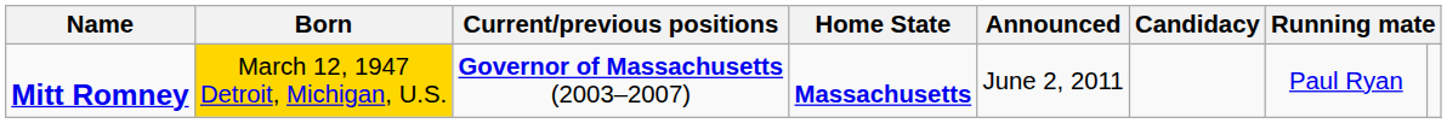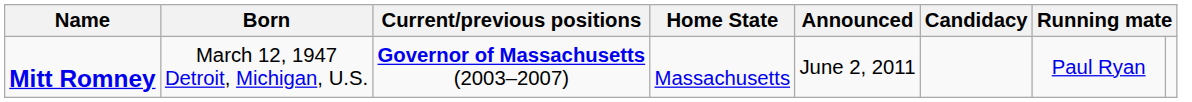 <table class="wikitable sortable" style="text-align:center; style:text-align:center; href:Rick Santorum">
 <tr>
 <th>Name</th>
 <th>Born</th>
 <th>Current/previous positions</th>
 <th>Home State</th>
 <th>Announced</th>
 <th>Candidacy</th>
 <th colspan="2">Running mate</th>
 </tr>
 <tr>
 <td data-sort-value="Trump"><br><big><strong><a href='#'>Mitt Romney</a></strong></big></td>
-<td style="background: gold;">March 12, 1947<br><a href='#'>Detroit</a>, <a href='#'>Michigan</a>, U.S.</td>
+<td>March 12, 1947<br><a href='#'>Detroit</a>, <a href='#'>Michigan</a>, U.S.</td>
 <td data-sort-value="X-CEO"><strong><a href='#'>Governor of Massachusetts</a></strong><br>(2003–2007)</td>
-<td><strong><br><a href='#'>Massachusetts</a></strong></td>
+<td><br><a href='#'>Massachusetts</a></td>
 <td>June 2, 2011</td>
 <td></td>
 <td><a href='#'>Paul Ryan</a></td>
 <td></td>
 </tr>
 </table>
